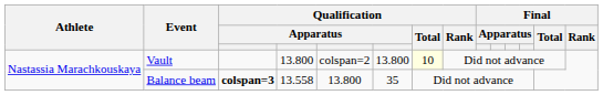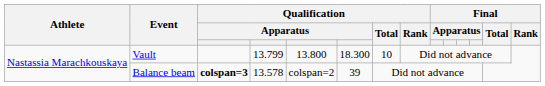 <table class="wikitable" style="font-size:90%">
 <tr>
 <th rowspan=3>Athlete</th>
 <th rowspan=3>Event</th>
 <th colspan =6>Qualification</th>
 <th colspan =6>Final</th>
 </tr>
 <tr style="font-size:95%">
 <th colspan=4>Apparatus</th>
 <th rowspan=2>Total</th>
 <th rowspan=2>Rank</th>
 <th colspan=4>Apparatus</th>
 <th rowspan=2>Total</th>
 <th rowspan=2>Rank</th>
 </tr>
 <tr style="font-size:95%">
 <th></th>
 <th></th>
 <th></th>
 <th></th>
 <th></th>
 <th></th>
 <th></th>
 <th></th>
 </tr>
 <tr align=center>
 <td align=left rowspan=2><a href='#'>Nastassia Marachkouskaya</a></td>
 <td align=left><a href='#'>Vault</a></td>
 <td></td>
+<td>13.799</td>
 <td>13.800</td>
-<td>colspan=2 </td>
-<td>13.800</td>
-<td style="background: lightyellow;">10</td>
+<td>18.300</td>
+<td>10</td>
 <td colspan=6>Did not advance</td>
 </tr>
 <tr align=center>
 <td align=left><a href='#'>Balance beam</a></td>
 <td><strong>colspan=3 </strong></td>
-<td>13.558</td>
-<td>13.800</td>
-<td>35</td>
+<td>13.578</td>
+<td>colspan=2 </td>
+<td>39</td>
 <td colspan=6>Did not advance</td>
 </tr>
 </table>
